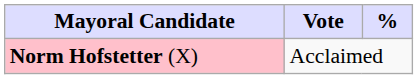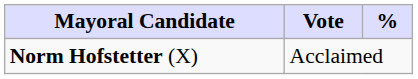 <table class="wikitable">
 <tr>
 <th style="background:#ddf; width:200px;">Mayoral Candidate</th>
 <th style="background:#ddf; width:50px;">Vote</th>
 <th style="background:#ddf; width:30px;">%</th>
 </tr>
 <tr>
-<td style="background: pink;"><strong>Norm Hofstetter</strong> (X)</td>
+<td><strong>Norm Hofstetter</strong> (X)</td>
 <td colspan="2">Acclaimed</td>
 </tr>
 </table>
